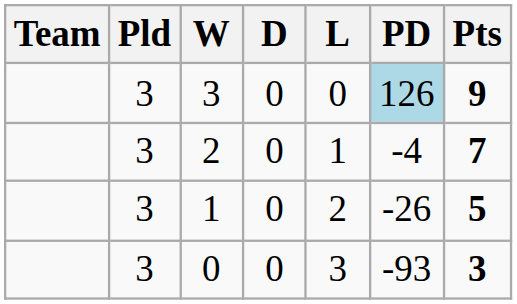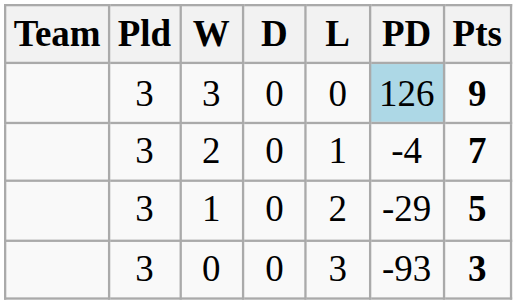 <table class="wikitable" style="text-align:center;">
 <tr>
 <th>Team</th>
 <th width="20" abbr="Played">Pld</th>
 <th width="20" abbr="Won">W</th>
 <th width="20" abbr="Drawn">D</th>
 <th width="20" abbr="Lost">L</th>
 <th width="25" abbr="Points difference">PD</th>
 <th width="20" abbr="Points">Pts</th>
 </tr>
 <tr>
 <td align="left"></td>
 <td>3</td>
 <td>3</td>
 <td>0</td>
 <td>0</td>
 <td style="background: lightblue;">126</td>
 <td><strong>9</strong></td>
 </tr>
 <tr>
 <td align="left"></td>
 <td>3</td>
 <td>2</td>
 <td>0</td>
 <td>1</td>
 <td>-4</td>
 <td><strong>7</strong></td>
 </tr>
 <tr>
 <td align="left"></td>
 <td>3</td>
 <td>1</td>
 <td>0</td>
 <td>2</td>
-<td>-26</td>
+<td>-29</td>
 <td><strong>5</strong></td>
 </tr>
 <tr>
 <td></td>
 <td>3</td>
 <td>0</td>
 <td>0</td>
 <td>3</td>
 <td>-93</td>
 <td><strong>3</strong></td>
 </tr>
 </table>
